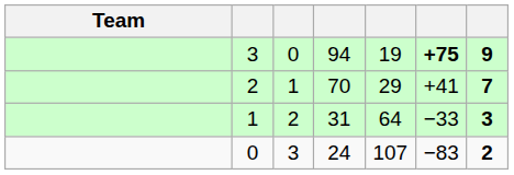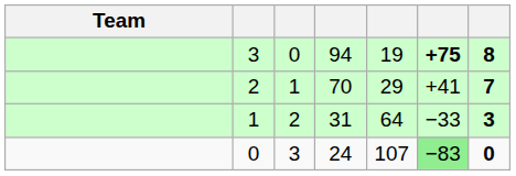 <table class="wikitable" style="text-align:center;">
 <tr>
 <th style="width:10.5em;">Team</th>
 <th style="width:1.5em;"></th>
 <th style="width:1.5em;"></th>
 <th style="width:2.0em;"></th>
 <th style="width:2.0em;"></th>
 <th style="width:2.0em;"></th>
 <th style="width:1.5em;"></th>
 </tr>
 <tr bgcolor="#cfc">
 <td align="left"></td>
 <td>3</td>
 <td>0</td>
 <td>94</td>
 <td>19</td>
 <td><strong>+75</strong></td>
-<td><strong>9</strong></td>
+<td><strong>8</strong></td>
 </tr>
 <tr bgcolor="#cfc">
 <td align="left"></td>
 <td>2</td>
 <td>1</td>
 <td>70</td>
 <td>29</td>
 <td>+41</td>
 <td><strong>7</strong></td>
 </tr>
 <tr bgcolor="#cfc">
 <td align="left"></td>
 <td>1</td>
 <td>2</td>
 <td>31</td>
 <td>64</td>
 <td>−33</td>
 <td><strong>3</strong></td>
 </tr>
 <tr>
 <td align="left"></td>
 <td>0</td>
 <td>3</td>
 <td>24</td>
 <td>107</td>
-<td>−83</td>
-<td><strong>2</strong></td>
+<td style="background: lightgreen;">−83</td>
+<td><strong>0</strong></td>
 </tr>
 </table>
